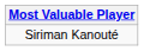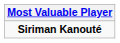 <table class=wikitable style="text-align:center; margin:auto">
 <tr>
 <th><a href='#'>Most Valuable Player</a></th>
 </tr>
 <tr>
-<td> Siriman Kanouté</td>
+<td><strong> Siriman Kanouté</strong></td>
 </tr>
 </table>
